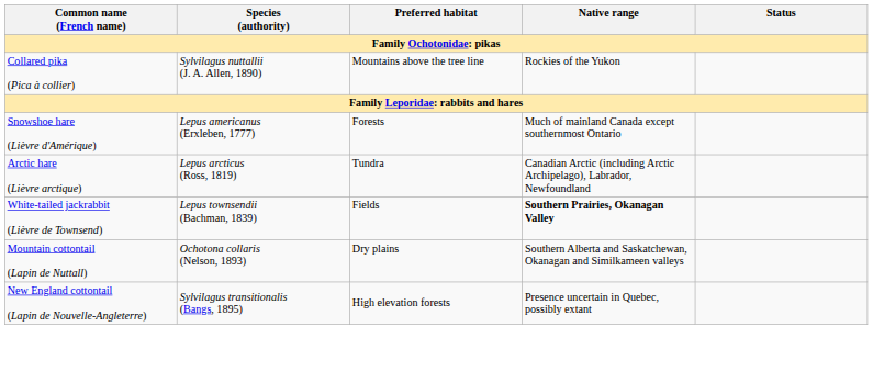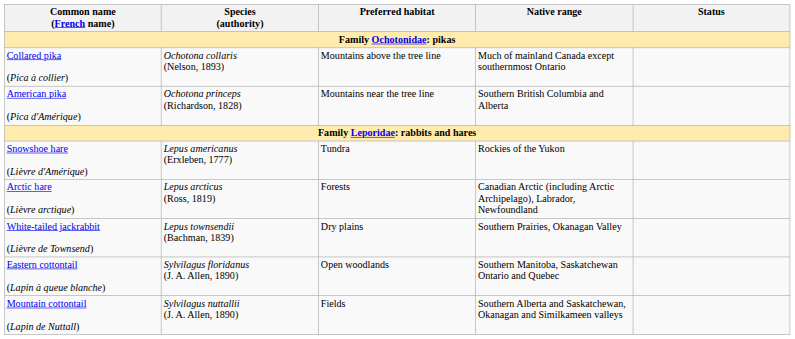 <table class="wikitable sortable sticky-header-multi" style=text-align:center" style="margin:1em auto;">
 <tr valign="top">
 <th style="width:20%;">Common name<br>(<a href='#'>French</a> name)</th>
 <th style="width:20%;">Species<br>(authority)</th>
 <th style="width:20%;">Preferred habitat</th>
 <th style="width:20%;">Native range</th>
 <th style="width:20%;">Status</th>
 </tr>
 <tr>
 <td style="text-align:center;" bgcolor="#ffebad" colspan=5><strong>Family <a href='#'>Ochotonidae</a>: pikas</strong></td>
 </tr>
 <tr valign="top">
 <td><a href='#'>Collared pika</a><br> <br>(<em>Pica à collier</em>)</td>
-<td><em>Sylvilagus nuttallii</em><br>(J. A. Allen, 1890)</td>
+<td><em>Ochotona collaris</em><br>(Nelson, 1893)</td>
 <td>Mountains above the tree line</td>
-<td>Rockies of the Yukon</td>
+<td>Much of mainland Canada except southernmost Ontario</td>
+<td></td>
+</tr>
+<tr valign="top">
+<td><a href='#'>American pika</a><br> <br>(<em>Pica d'Amérique</em>)</td>
+<td><em>Ochotona princeps</em><br>(Richardson, 1828)</td>
+<td>Mountains near the tree line</td>
+<td>Southern British Columbia and Alberta</td>
 <td></td>
 </tr>
 <tr>
 <td style="text-align:center;" bgcolor="#ffebad" colspan=5><strong>Family <a href='#'>Leporidae</a>: rabbits and hares</strong></td>
 </tr>
 <tr valign="top">
 <td><a href='#'>Snowshoe hare</a><br> <br>(<em>Lièvre d'Amérique</em>)</td>
 <td><em>Lepus americanus</em><br>(Erxleben, 1777)</td>
-<td>Forests</td>
-<td>Much of mainland Canada except southernmost Ontario</td>
+<td>Tundra</td>
+<td>Rockies of the Yukon</td>
 <td></td>
 </tr>
 <tr valign="top">
 <td><a href='#'>Arctic hare</a><br> <br>(<em>Lièvre arctique</em>)</td>
 <td><em>Lepus arcticus</em><br>(Ross, 1819)</td>
-<td>Tundra</td>
+<td>Forests</td>
 <td>Canadian Arctic (including Arctic Archipelago), Labrador, Newfoundland</td>
 <td></td>
 </tr>
 <tr valign="top">
 <td><a href='#'>White-tailed jackrabbit</a><br> <br>(<em>Lièvre de Townsend</em>)</td>
 <td><em>Lepus townsendii</em><br>(Bachman, 1839)</td>
-<td>Fields</td>
-<td><strong>Southern Prairies, Okanagan Valley</strong></td>
+<td>Dry plains</td>
+<td>Southern Prairies, Okanagan Valley</td>
+<td></td>
+</tr>
+<tr valign="top">
+<td><a href='#'>Eastern cottontail</a><br> <br>(<em>Lapin à queue blanche</em>)</td>
+<td><em>Sylvilagus floridanus</em><br>(J. A. Allen, 1890)</td>
+<td>Open woodlands</td>
+<td>Southern Manitoba, Saskatchewan Ontario and Quebec</td>
 <td></td>
 </tr>
 <tr valign="top">
 <td><a href='#'>Mountain cottontail</a><br><br>(<em>Lapin de Nuttall</em>)</td>
-<td><em>Ochotona collaris</em><br>(Nelson, 1893)</td>
-<td>Dry plains</td>
+<td><em>Sylvilagus nuttallii</em><br>(J. A. Allen, 1890)</td>
+<td>Fields</td>
 <td>Southern Alberta and Saskatchewan, Okanagan and Similkameen valleys</td>
 <td></td>
 </tr>
-<tr>
-<td><a href='#'>New England cottontail</a><br><br>(<em>Lapin de Nouvelle-Angleterre</em>)</td>
-<td><em>Sylvilagus transitionalis</em><br>(<a href='#'>Bangs</a>, 1895)</td>
-<td>High elevation forests</td>
-<td>Presence uncertain in Quebec, possibly extant</td>
-<td></td>
-</tr>
 </table>
